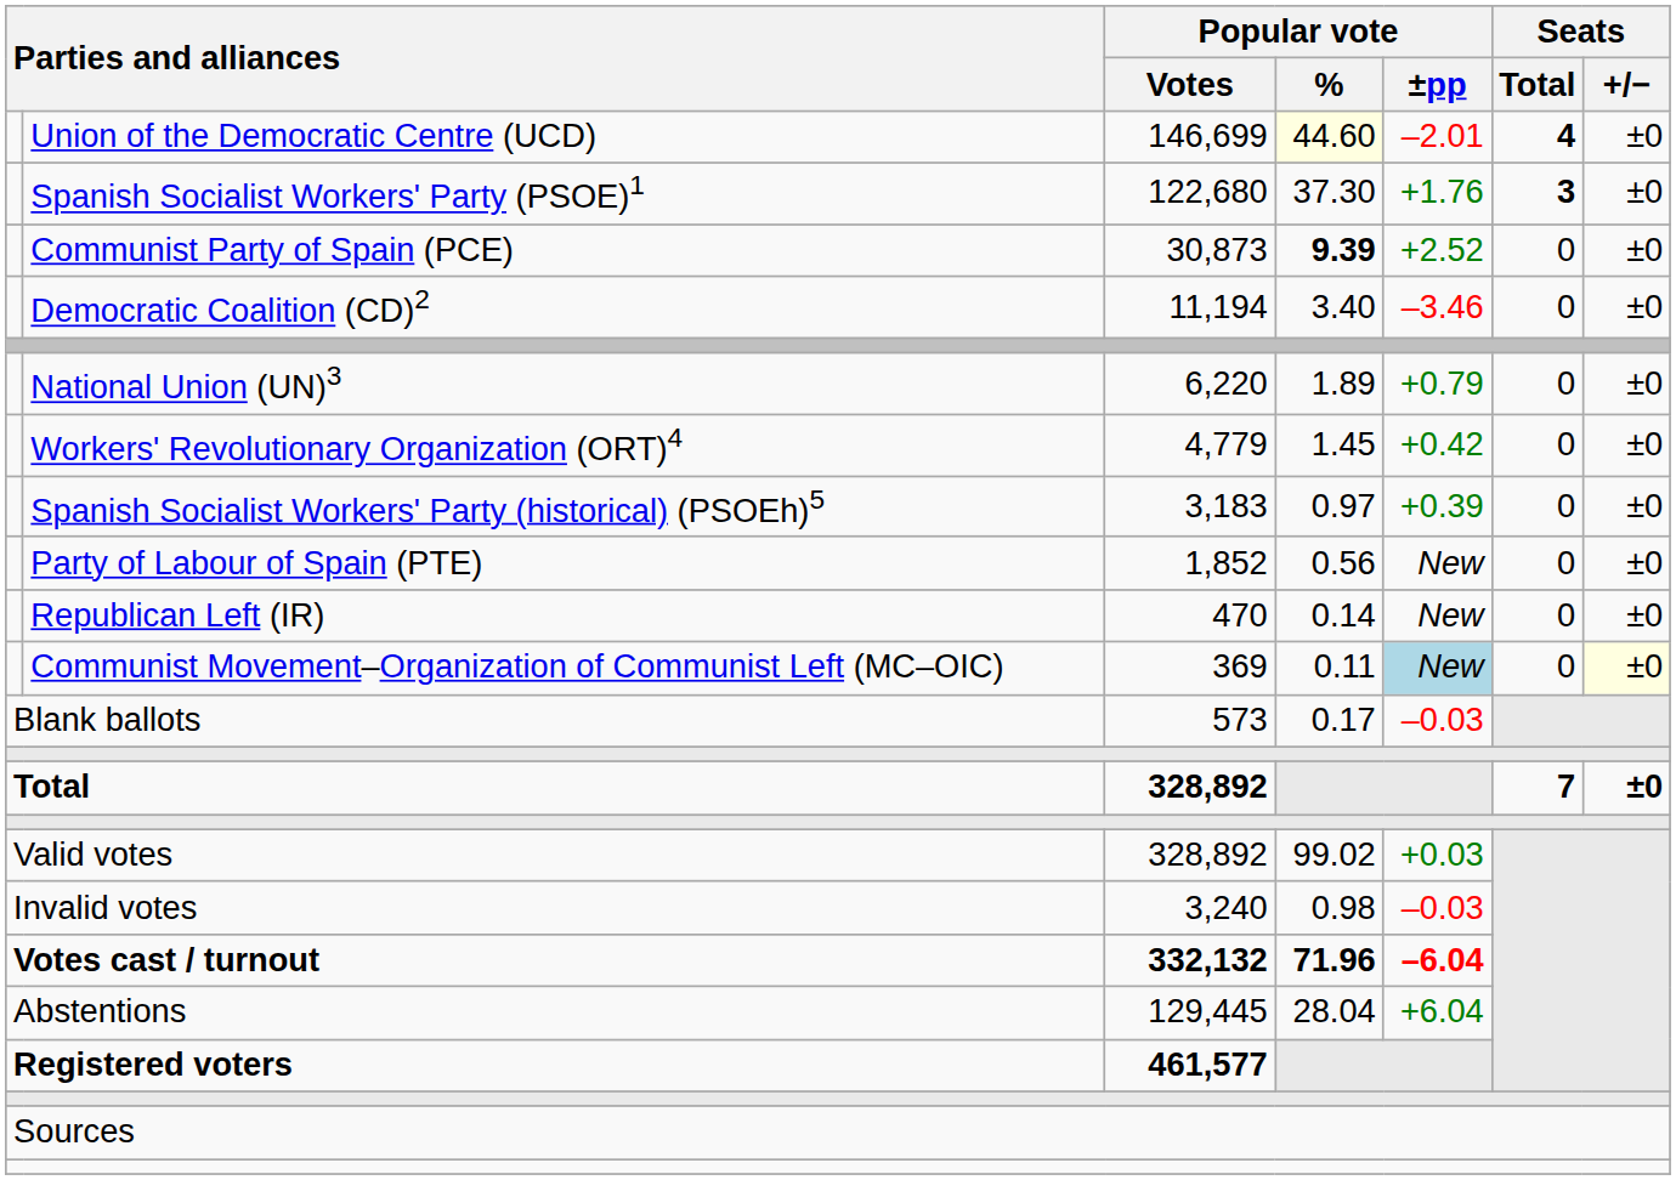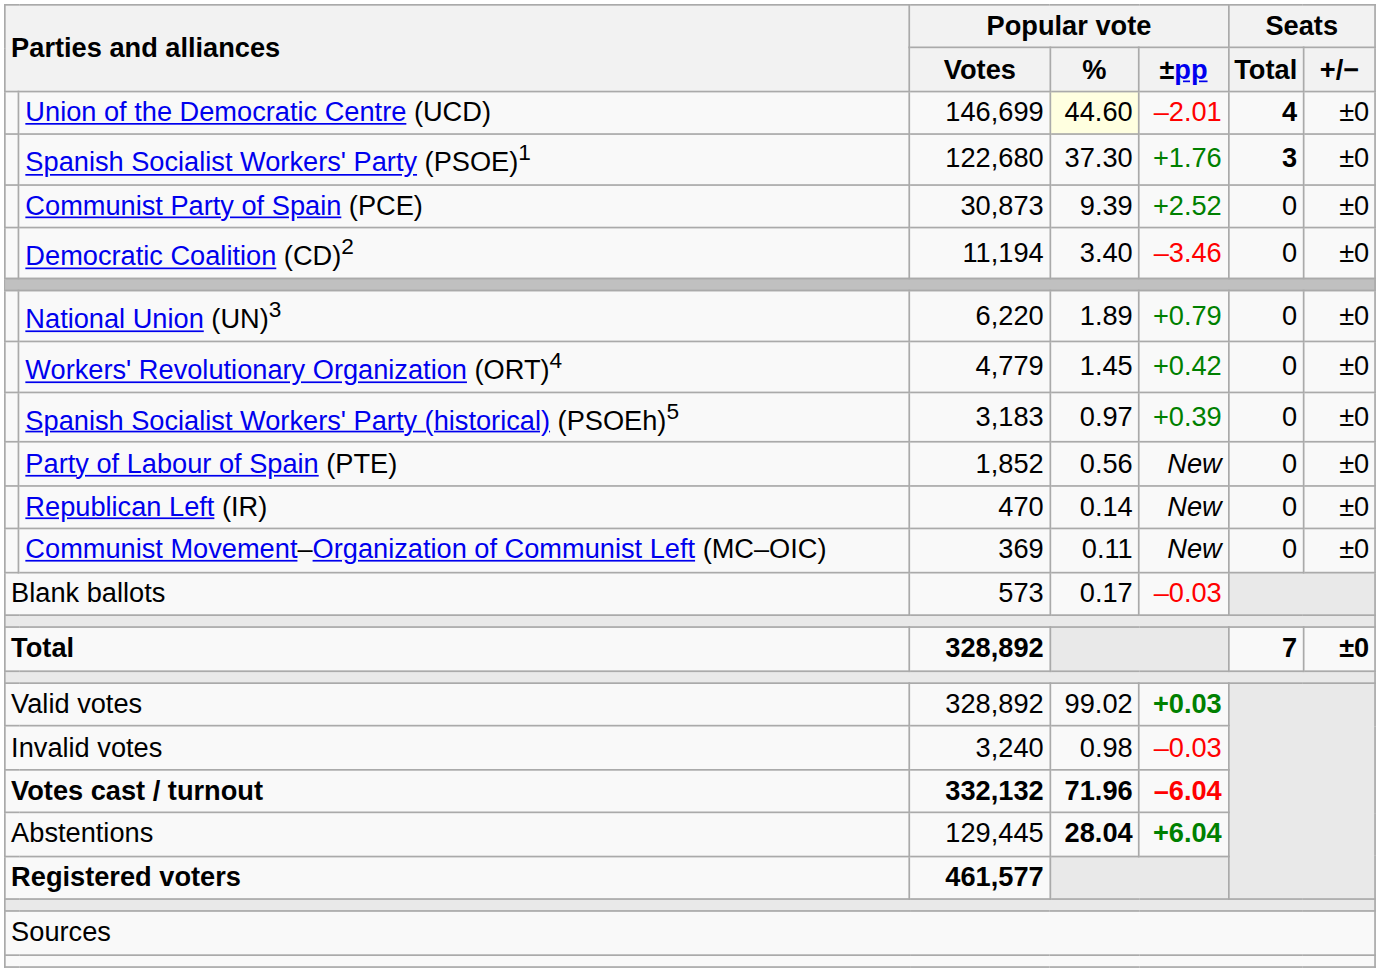 <table class="wikitable" style="text-align:right;">
 <tr>
 <th style="text-align:left;" rowspan="2" colspan="2" width="525">Parties and alliances</th>
 <th colspan="3">Popular vote</th>
 <th colspan="2">Seats</th>
 </tr>
 <tr>
 <th width="75">Votes</th>
 <th width="45">%</th>
 <th width="45">±<a href='#'>pp</a></th>
 <th width="35">Total</th>
 <th width="35">+/−</th>
 </tr>
 <tr>
 <td width="1" style="color:inherit;background:"></td>
 <td align="left"><a href='#'>Union of the Democratic Centre</a> (UCD)</td>
 <td>146,699</td>
 <td style="background: lightyellow;">44.60</td>
 <td style="color:red;">–2.01</td>
 <td><strong>4</strong></td>
 <td>±0</td>
 </tr>
 <tr>
 <td style="color:inherit;background:"></td>
 <td align="left"><a href='#'>Spanish Socialist Workers' Party</a> (PSOE)<sup>1</sup></td>
 <td>122,680</td>
 <td>37.30</td>
 <td style="color:green;">+1.76</td>
 <td><strong>3</strong></td>
 <td>±0</td>
 </tr>
 <tr>
 <td style="color:inherit;background:"></td>
 <td align="left"><a href='#'>Communist Party of Spain</a> (PCE)</td>
 <td>30,873</td>
-<td><strong>9.39</strong></td>
+<td>9.39</td>
 <td style="color:green;">+2.52</td>
 <td>0</td>
 <td>±0</td>
 </tr>
 <tr>
 <td style="color:inherit;background:"></td>
 <td align="left"><a href='#'>Democratic Coalition</a> (CD)<sup>2</sup></td>
 <td>11,194</td>
 <td>3.40</td>
 <td style="color:red;">–3.46</td>
 <td>0</td>
 <td>±0</td>
 </tr>
 <tr>
 <td colspan="7" bgcolor="#C0C0C0"></td>
 </tr>
 <tr>
 <td style="color:inherit;background:"></td>
 <td align="left"><a href='#'>National Union</a> (UN)<sup>3</sup></td>
 <td>6,220</td>
 <td>1.89</td>
 <td style="color:green;">+0.79</td>
 <td>0</td>
 <td>±0</td>
 </tr>
 <tr>
 <td style="color:inherit;background:"></td>
 <td align="left"><a href='#'>Workers' Revolutionary Organization</a> (ORT)<sup>4</sup></td>
 <td>4,779</td>
 <td>1.45</td>
 <td style="color:green;">+0.42</td>
 <td>0</td>
 <td>±0</td>
 </tr>
 <tr>
 <td style="color:inherit;background:"></td>
 <td align="left"><a href='#'>Spanish Socialist Workers' Party (historical)</a> (PSOEh)<sup>5</sup></td>
 <td>3,183</td>
 <td>0.97</td>
 <td style="color:green;">+0.39</td>
 <td>0</td>
 <td>±0</td>
 </tr>
 <tr>
 <td style="color:inherit;background:"></td>
 <td align="left"><a href='#'>Party of Labour of Spain</a> (PTE)</td>
 <td>1,852</td>
 <td>0.56</td>
 <td><em>New</em></td>
 <td>0</td>
 <td>±0</td>
 </tr>
 <tr>
 <td style="color:inherit;background:"></td>
 <td align="left"><a href='#'>Republican Left</a> (IR)</td>
 <td>470</td>
 <td>0.14</td>
 <td><em>New</em></td>
 <td>0</td>
 <td>±0</td>
 </tr>
 <tr>
 <td style="color:inherit;background:"></td>
 <td align="left"><a href='#'>Communist Movement</a>–<a href='#'>Organization of Communist Left</a> (MC–OIC)</td>
 <td>369</td>
 <td>0.11</td>
-<td style="background: lightblue;"><em>New</em></td>
+<td><em>New</em></td>
 <td>0</td>
-<td style="background: lightyellow;">±0</td>
+<td>±0</td>
 </tr>
 <tr>
 <td align="left" colspan="2">Blank ballots</td>
 <td>573</td>
 <td>0.17</td>
 <td style="color:red;">–0.03</td>
 <td bgcolor="#E9E9E9" colspan="2"></td>
 </tr>
 <tr>
 <td colspan="7" bgcolor="#E9E9E9"></td>
 </tr>
 <tr style="font-weight:bold;">
 <td align="left" colspan="2">Total</td>
 <td>328,892</td>
 <td bgcolor="#E9E9E9" colspan="2"></td>
 <td>7</td>
 <td>±0</td>
 </tr>
 <tr>
 <td colspan="7" bgcolor="#E9E9E9"></td>
 </tr>
 <tr>
 <td align="left" colspan="2">Valid votes</td>
 <td>328,892</td>
 <td>99.02</td>
-<td style="color:green;">+0.03</td>
+<td style="color:green;"><strong>+0.03</strong></td>
 <td bgcolor="#E9E9E9" colspan="2" rowspan="5"></td>
 </tr>
 <tr>
 <td align="left" colspan="2">Invalid votes</td>
 <td>3,240</td>
 <td>0.98</td>
 <td style="color:red;">–0.03</td>
 </tr>
 <tr style="font-weight:bold;">
 <td align="left" colspan="2">Votes cast / turnout</td>
 <td>332,132</td>
 <td>71.96</td>
 <td style="color:red;">–6.04</td>
 </tr>
 <tr>
 <td align="left" colspan="2">Abstentions</td>
 <td>129,445</td>
-<td>28.04</td>
-<td style="color:green;">+6.04</td>
+<td><strong>28.04</strong></td>
+<td style="color:green;"><strong>+6.04</strong></td>
 </tr>
 <tr style="font-weight:bold;">
 <td align="left" colspan="2">Registered voters</td>
 <td>461,577</td>
 <td bgcolor="#E9E9E9" colspan="2"></td>
 </tr>
 <tr>
 <td colspan="7" bgcolor="#E9E9E9"></td>
 </tr>
 <tr>
 <td align="left" colspan="7">Sources</td>
 </tr>
 <tr>
 <td colspan="7" style="text-align:left; max-width:790px;"></td>
 </tr>
 </table>
